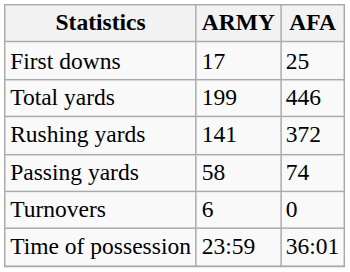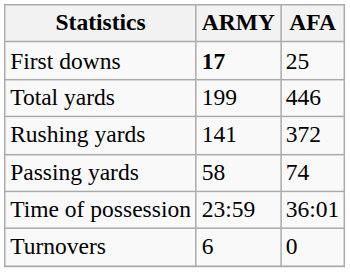 <table class="wikitable">
 <tr>
 <th>Statistics</th>
 <th>ARMY</th>
 <th>AFA</th>
 </tr>
 <tr>
 <td>First downs</td>
-<td>17</td>
+<td><strong>17</strong></td>
 <td>25</td>
 </tr>
 <tr>
 <td>Total yards</td>
 <td>199</td>
 <td>446</td>
 </tr>
 <tr>
 <td>Rushing yards</td>
 <td>141</td>
 <td>372</td>
 </tr>
 <tr>
 <td>Passing yards</td>
 <td>58</td>
 <td>74</td>
 </tr>
 <tr>
+<td>Time of possession</td>
+<td>23:59</td>
+<td>36:01</td>
+</tr>
+<tr>
 <td>Turnovers</td>
 <td>6</td>
 <td>0</td>
 </tr>
 <tr>
-<td>Time of possession</td>
-<td>23:59</td>
-<td>36:01</td>
-</tr>
-<tr>
 </tr>
 </table>
